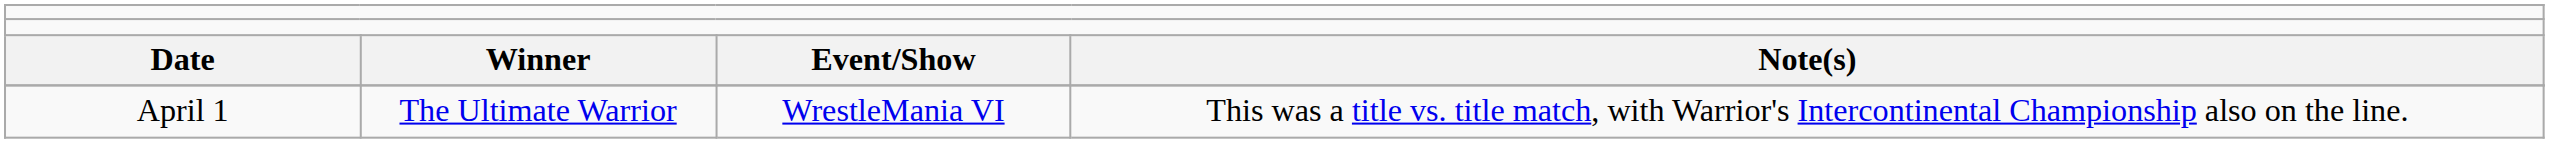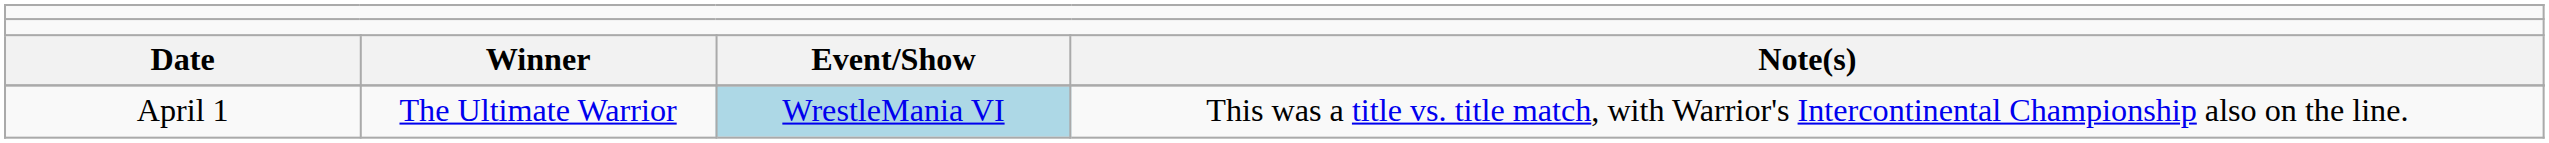 <table class="wikitable" style="text-align:center; width:100%;">
 <tr>
 <td colspan="5"></td>
 </tr>
 <tr>
 <td colspan="5"><strong></strong></td>
 </tr>
 <tr>
 <th width="14%">Date</th>
 <th width="14%">Winner</th>
 <th width="14%">Event/Show</th>
 <th width="58%">Note(s)</th>
 </tr>
 <tr>
 </tr>
 <tr>
 <td>April 1</td>
 <td><a href='#'>The Ultimate Warrior</a></td>
-<td><a href='#'>WrestleMania VI</a></td>
+<td style="background: lightblue;"><a href='#'>WrestleMania VI</a></td>
 <td>This was a <a href='#'>title vs. title match</a>, with Warrior's <a href='#'>Intercontinental Championship</a> also on the line.</td>
 </tr>
 </table>
